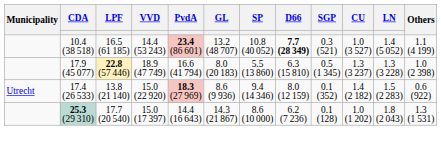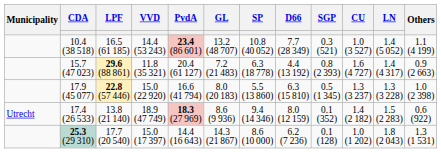 <table class="wikitable sortable" style="text-align:center;font-size:90%;line-height:14px">
 <tr style="height:40px;">
 <th rowspan="2">Municipality</th>
 <th style="width:40px;"><a href='#'>CDA</a></th>
 <th style="width:40px;"><a href='#'>LPF</a></th>
 <th style="width:40px;"><a href='#'>VVD</a></th>
 <th style="width:40px;"><a href='#'>PvdA</a></th>
 <th style="width:40px;"><a href='#'>GL</a></th>
 <th style="width:40px;"><a href='#'>SP</a></th>
 <th style="width:40px;"><a href='#'>D66</a></th>
 <th style="width:40px;"><a href='#'>SGP</a></th>
 <th style="width:40px;"><a href='#'>CU</a></th>
 <th style="width:40px;"><a href='#'>LN</a></th>
 <th style="width:40px;" rowspan="2">Others</th>
 </tr>
 <tr>
 <th style="background:"></th>
 <th style="background:"></th>
 <th style="background:"></th>
 <th style="background:"></th>
 <th style="background:"></th>
 <th style="background:"></th>
 <th style="background:"></th>
 <th style="background:"></th>
 <th style="background:"></th>
 <th style="background:"></th>
 </tr>
 <tr>
 <td align="left"></td>
 <td>10.4<br><span>(38 518)</span></td>
 <td>16.5<br><span>(61 185)</span></td>
 <td>14.4<br><span>(53 243)</span></td>
 <td style="background:#F6C5C1"><strong>23.4</strong><br><span>(86 601)</span></td>
 <td>13.2<br><span>(48 707)</span></td>
 <td>10.8<br><span>(40 052)</span></td>
-<td><strong>7.7<br><span>(28 349)</span></strong></td>
+<td>7.7<br><span>(28 349)</span></td>
 <td>0.3<br><span>(521)</span></td>
 <td>1.0<br><span>(3 527)</span></td>
 <td>1.4<br><span>(5 052)</span></td>
 <td>1.1<br><span>(4 199)</span></td>
 </tr>
 <tr>
 <td align="left"></td>
+<td>15.7<br><span>(47 023)</span></td>
+<td style="background:#FEF1BD;"><strong>29.6</strong><br><span>(88 861)</span></td>
+<td>11.8<br><span>(35 321)</span></td>
+<td>20.4<br><span>(61 127)</span></td>
+<td>7.2<br><span>(21 483)</span></td>
+<td>6.3<br><span>(18 778)</span></td>
+<td>4.4<br><span>(13 192)</span></td>
+<td>0.8<br><span>(2 393)</span></td>
+<td>1.6<br><span>(4 727)</span></td>
+<td>1.4<br><span>(4 317)</span></td>
+<td>0.9<br><span>(2 663)</span></td>
+</tr>
+<tr>
+<td align="left"></td>
 <td>17.9<br><span>(45 077)</span></td>
 <td style="background:#FEF1BD;"><strong>22.8</strong><br><span>(57 446)</span></td>
-<td>18.9<br><span>(47 749)</span></td>
+<td>15.0<br><span>(22 920)</span></td>
 <td>16.6<br><span>(41 794)</span></td>
 <td>8.0<br><span>(20 183)</span></td>
 <td>5.5<br><span>(13 860)</span></td>
 <td>6.3<br><span>(15 810)</span></td>
 <td>0.5<br><span>(1 345)</span></td>
 <td>1.3<br><span>(3 237)</span></td>
 <td>1.3<br><span>(3 228)</span></td>
 <td>1.0<br><span>(2 398)</span></td>
 </tr>
 <tr>
 <td align="left"> <a href='#'>Utrecht</a></td>
 <td>17.4<br><span>(26 533)</span></td>
 <td>13.8<br><span>(21 140)</span></td>
-<td>15.0<br><span>(22 920)</span></td>
+<td>18.9<br><span>(47 749)</span></td>
 <td style="background:#F6C5C1"><strong>18.3</strong><br><span>(27 969)</span></td>
 <td>8.6<br><span>(9 936)</span></td>
 <td>9.4<br><span>(14 346)</span></td>
 <td>8.0<br><span>(12 159)</span></td>
 <td>0.1<br><span>(352)</span></td>
 <td>1.4<br><span>(2 182)</span></td>
 <td>1.5<br><span>(2 283)</span></td>
 <td>0.6<br><span>(922)</span></td>
 </tr>
 <tr>
 <td align="left"></td>
 <td style="background:#BADBD3"><strong>25.3</strong><br><span>(29 310)</span></td>
 <td>17.7<br><span>(20 540)</span></td>
 <td>15.0<br><span>(17 397)</span></td>
 <td>14.4<br><span>(16 643)</span></td>
 <td>14.3<br><span>(21 867)</span></td>
 <td>8.6<br><span>(10 000)</span></td>
 <td>6.2<br><span>(7 236)</span></td>
 <td>0.1<br><span>(128)</span></td>
 <td>1.0<br><span>(1 202)</span></td>
 <td>1.8<br><span>(2 043)</span></td>
 <td>1.3<br><span>(1 531)</span></td>
 </tr>
 </table>
